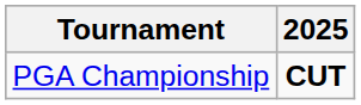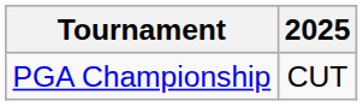 <table class="wikitable" style="font-size:95%;text-align:center;">
 <tr>
 <th>Tournament</th>
 <th>2025</th>
 </tr>
 <tr>
 <td align=left><a href='#'>PGA Championship</a></td>
-<td><strong>CUT</strong></td>
+<td>CUT</td>
 </tr>
 </table>
